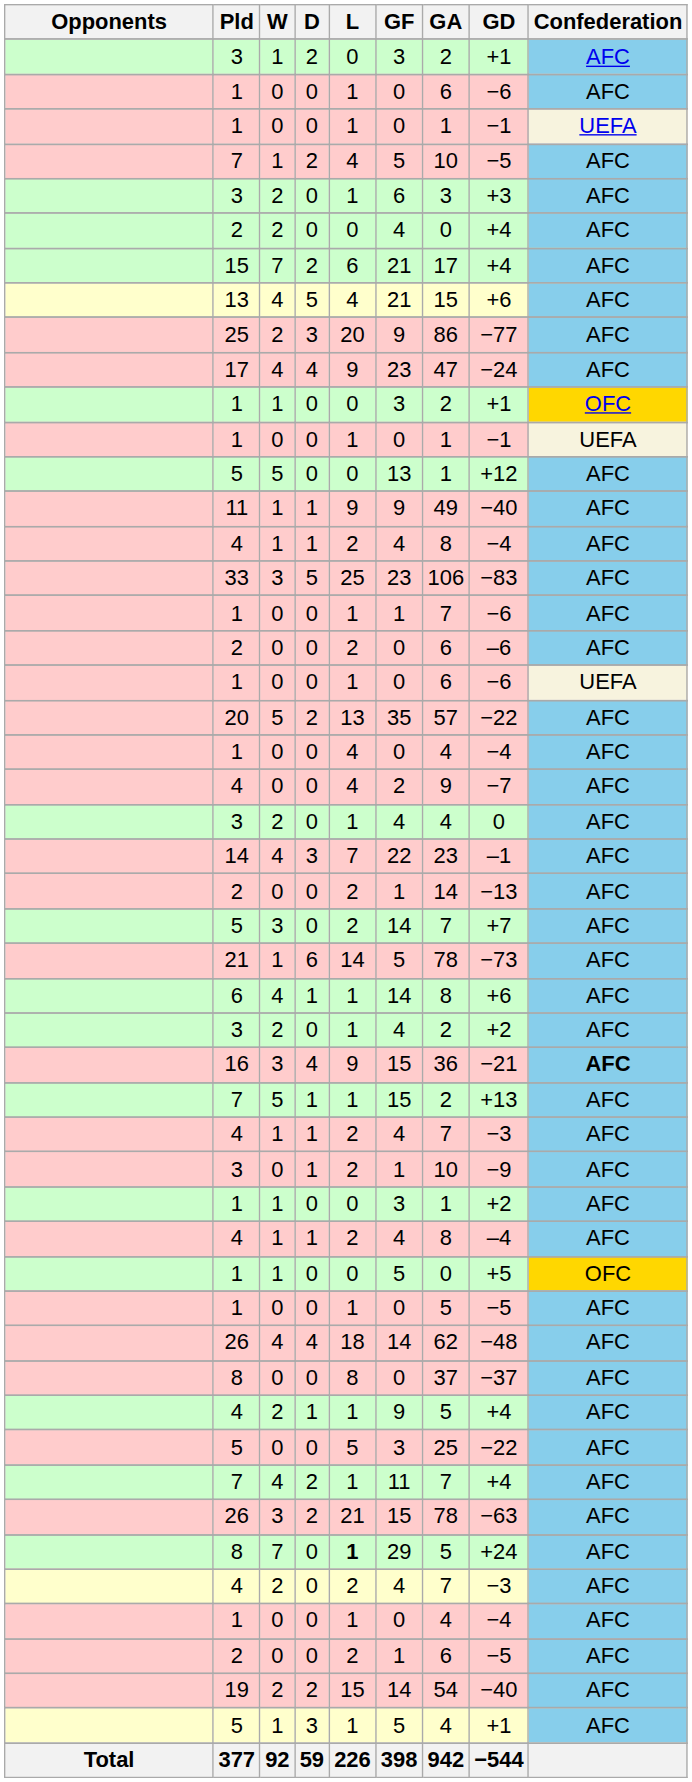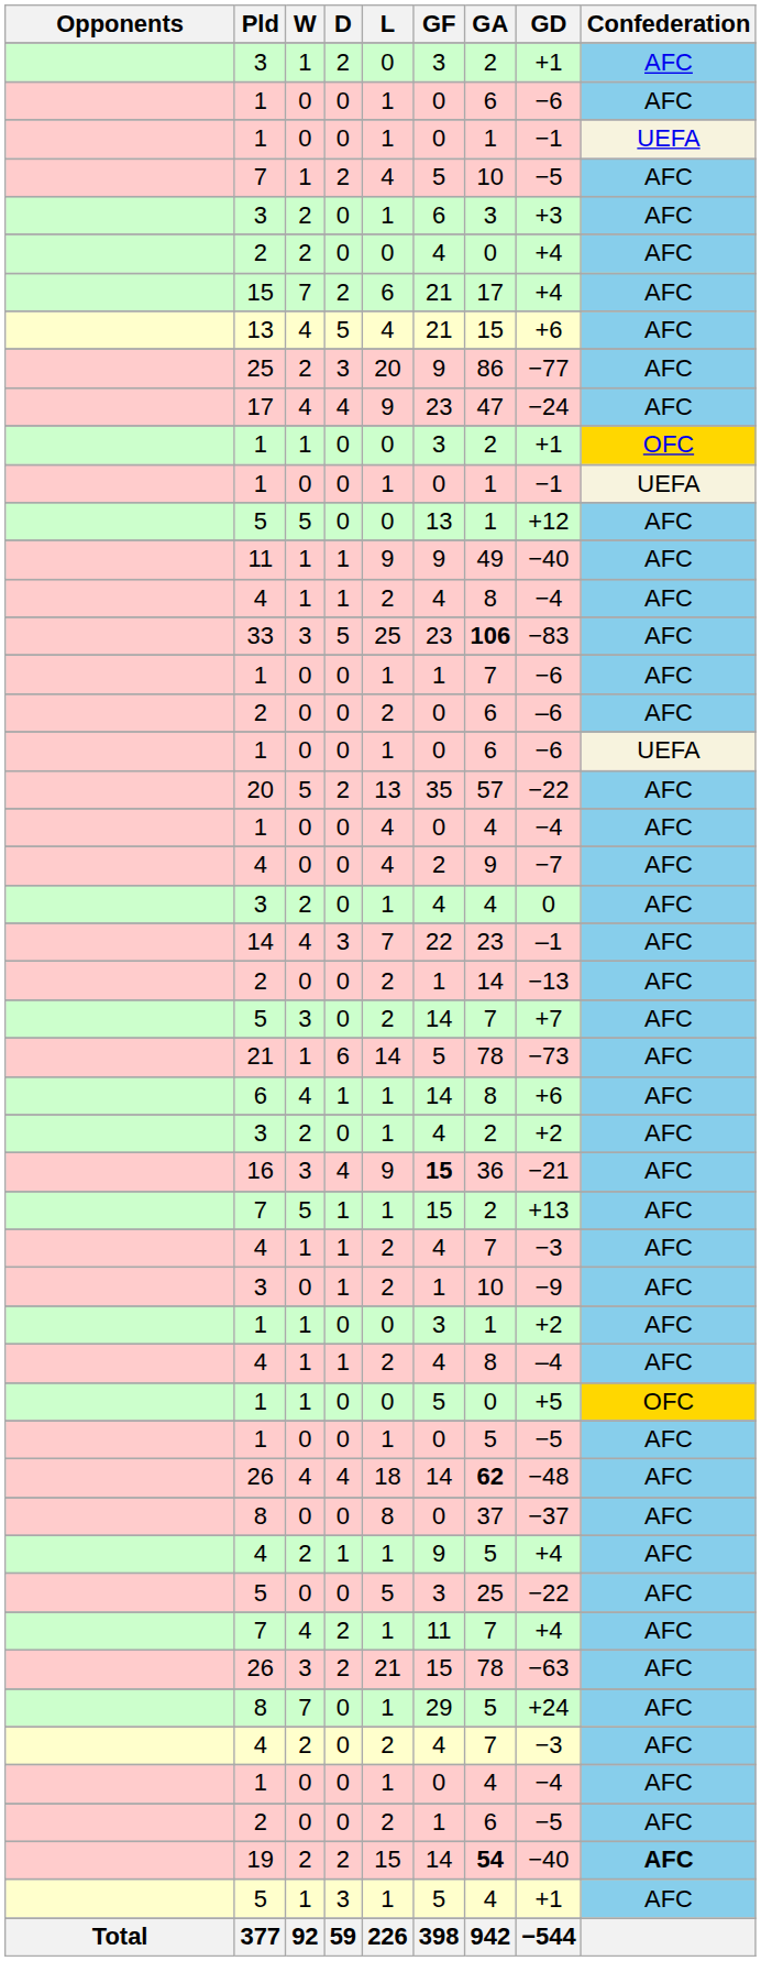 <table class="wikitable sortable" style="text-align: center; font-size: 100%">
 <tr style="color:black;">
 <th style="width:145px;">Opponents</th>
 <th style="width:1px;">Pld</th>
 <th style="width:1px;">W</th>
 <th style="width:1px;">D</th>
 <th style="width:1px;">L</th>
 <th style="width:1px;">GF</th>
 <th style="width:1px;">GA</th>
 <th style="width:1px;">GD</th>
 <th style="width:1px;">Confederation</th>
 </tr>
 <tr>
 </tr>
 <tr>
 </tr>
 <tr bgcolor=CCFFCC>
 <td style="text-align:left;"></td>
 <td>3</td>
 <td>1</td>
 <td>2</td>
 <td>0</td>
 <td>3</td>
 <td>2</td>
 <td>+1</td>
 <td bgcolor=#87CEEB><a href='#'>AFC</a></td>
 </tr>
 <tr>
 </tr>
 <tr bgcolor=FFCCCC>
 <td style="text-align:left;"></td>
 <td>1</td>
 <td>0</td>
 <td>0</td>
 <td>1</td>
 <td>0</td>
 <td>6</td>
 <td>−6</td>
 <td bgcolor=#87CEEB>AFC</td>
 </tr>
 <tr>
 </tr>
 <tr bgcolor=FFCCCC>
 <td style="text-align:left;"></td>
 <td>1</td>
 <td>0</td>
 <td>0</td>
 <td>1</td>
 <td>0</td>
 <td>1</td>
 <td>−1</td>
 <td bgcolor=#F7F3DE><a href='#'>UEFA</a></td>
 </tr>
 <tr>
 </tr>
 <tr bgcolor=FFCCCC>
 <td style="text-align:left;"></td>
 <td>7</td>
 <td>1</td>
 <td>2</td>
 <td>4</td>
 <td>5</td>
 <td>10</td>
 <td>−5</td>
 <td bgcolor=#87CEEB>AFC</td>
 </tr>
 <tr>
 </tr>
 <tr bgcolor=CCFFCC>
 <td style="text-align:left;"></td>
 <td>3</td>
 <td>2</td>
 <td>0</td>
 <td>1</td>
 <td>6</td>
 <td>3</td>
 <td>+3</td>
 <td bgcolor=#87CEEB>AFC</td>
 </tr>
 <tr>
 </tr>
 <tr bgcolor=CCFFCC>
 <td style="text-align:left;"></td>
 <td>2</td>
 <td>2</td>
 <td>0</td>
 <td>0</td>
 <td>4</td>
 <td>0</td>
 <td>+4</td>
 <td bgcolor=#87CEEB>AFC</td>
 </tr>
 <tr>
 </tr>
 <tr bgcolor=ccFFCC>
 <td style="text-align:left;"></td>
 <td>15</td>
 <td>7</td>
 <td>2</td>
 <td>6</td>
 <td>21</td>
 <td>17</td>
 <td>+4</td>
 <td bgcolor=#87CEEB>AFC</td>
 </tr>
 <tr>
 </tr>
 <tr bgcolor=FFFFCC>
 <td style="text-align:left;"></td>
 <td>13</td>
 <td>4</td>
 <td>5</td>
 <td>4</td>
 <td>21</td>
 <td>15</td>
 <td>+6</td>
 <td bgcolor="#87CEEB">AFC</td>
 </tr>
 <tr>
 </tr>
 <tr bgcolor=FFCCCC>
 <td style="text-align:left;"></td>
 <td>25</td>
 <td>2</td>
 <td>3</td>
 <td>20</td>
 <td>9</td>
 <td>86</td>
 <td>−77</td>
 <td bgcolor="#87CEEB">AFC</td>
 </tr>
 <tr>
 </tr>
 <tr bgcolor=FFCCCC>
 <td style="text-align:left;"></td>
 <td>17</td>
 <td>4</td>
 <td>4</td>
 <td>9</td>
 <td>23</td>
 <td>47</td>
 <td>−24</td>
 <td bgcolor="#87CEEB">AFC</td>
 </tr>
 <tr>
 </tr>
 <tr bgcolor=CCFFCC>
 <td style="text-align:left;"></td>
 <td>1</td>
 <td>1</td>
 <td>0</td>
 <td>0</td>
 <td>3</td>
 <td>2</td>
 <td>+1</td>
 <td bgcolor=#ffd700><a href='#'>OFC</a></td>
 </tr>
 <tr>
 </tr>
 <tr bgcolor=FFCCCC>
 <td style="text-align:left;"></td>
 <td>1</td>
 <td>0</td>
 <td>0</td>
 <td>1</td>
 <td>0</td>
 <td>1</td>
 <td>−1</td>
 <td bgcolor=#F7F3DE>UEFA</td>
 </tr>
 <tr>
 </tr>
 <tr bgcolor=CCFFCC>
 <td style="text-align:left;"></td>
 <td>5</td>
 <td>5</td>
 <td>0</td>
 <td>0</td>
 <td>13</td>
 <td>1</td>
 <td>+12</td>
 <td bgcolor="#87CEEB">AFC</td>
 </tr>
 <tr>
 </tr>
 <tr bgcolor=FFCCCC>
 <td style="text-align:left;"></td>
 <td>11</td>
 <td>1</td>
 <td>1</td>
 <td>9</td>
 <td>9</td>
 <td>49</td>
 <td>−40</td>
 <td bgcolor="#87CEEB">AFC</td>
 </tr>
 <tr>
 </tr>
 <tr bgcolor=FFCCCC>
 <td style="text-align:left;"></td>
 <td>4</td>
 <td>1</td>
 <td>1</td>
 <td>2</td>
 <td>4</td>
 <td>8</td>
 <td>−4</td>
 <td bgcolor=#87CEEB>AFC</td>
 </tr>
 <tr>
 </tr>
 <tr bgcolor=FFCCCC>
 <td style="text-align:left;"></td>
 <td>33</td>
 <td>3</td>
 <td>5</td>
 <td>25</td>
 <td>23</td>
-<td>106</td>
+<td><strong>106</strong></td>
 <td>−83</td>
 <td bgcolor="#87CEEB">AFC</td>
 </tr>
 <tr>
 </tr>
 <tr bgcolor=FFCCCC>
 <td style="text-align:left;"></td>
 <td>1</td>
 <td>0</td>
 <td>0</td>
 <td>1</td>
 <td>1</td>
 <td>7</td>
 <td>−6</td>
 <td bgcolor=#87CEEB>AFC</td>
 </tr>
 <tr>
 </tr>
 <tr bgcolor=FFCCCC>
 <td style="text-align:left;"></td>
 <td>2</td>
 <td>0</td>
 <td>0</td>
 <td>2</td>
 <td>0</td>
 <td>6</td>
 <td>–6</td>
 <td bgcolor=#87CEEB>AFC</td>
 </tr>
 <tr>
 </tr>
 <tr bgcolor=FFCCCC>
 <td style="text-align:left;"></td>
 <td>1</td>
 <td>0</td>
 <td>0</td>
 <td>1</td>
 <td>0</td>
 <td>6</td>
 <td>−6</td>
 <td bgcolor=#F7F3DE>UEFA</td>
 </tr>
 <tr>
 </tr>
 <tr bgcolor=FFCCCC>
 <td style="text-align:left;"></td>
 <td>20</td>
 <td>5</td>
 <td>2</td>
 <td>13</td>
 <td>35</td>
 <td>57</td>
 <td>−22</td>
 <td bgcolor="#87CEEB">AFC</td>
 </tr>
 <tr>
 </tr>
 <tr bgcolor=FFCCCC>
 <td style="text-align:left;"></td>
 <td>1</td>
 <td>0</td>
 <td>0</td>
 <td>4</td>
 <td>0</td>
 <td>4</td>
 <td>−4</td>
 <td bgcolor=#87CEEB>AFC</td>
 </tr>
 <tr>
 </tr>
 <tr bgcolor=FFCCCC>
 <td style="text-align:left;"></td>
 <td>4</td>
 <td>0</td>
 <td>0</td>
 <td>4</td>
 <td>2</td>
 <td>9</td>
 <td>−7</td>
 <td bgcolor=#87CEEB>AFC</td>
 </tr>
 <tr>
 </tr>
 <tr bgcolor=CCFFCC>
 <td style="text-align:left;"></td>
 <td>3</td>
 <td>2</td>
 <td>0</td>
 <td>1</td>
 <td>4</td>
 <td>4</td>
 <td>0</td>
 <td bgcolor=#87CEEB>AFC</td>
 </tr>
 <tr>
 </tr>
 <tr bgcolor=FFCCCC>
 <td style="text-align:left;"></td>
 <td>14</td>
 <td>4</td>
 <td>3</td>
 <td>7</td>
 <td>22</td>
 <td>23</td>
 <td>–1</td>
 <td bgcolor="#87CEEB">AFC</td>
 </tr>
 <tr>
 </tr>
 <tr bgcolor=FFCCCC>
 <td style="text-align:left;"></td>
 <td>2</td>
 <td>0</td>
 <td>0</td>
 <td>2</td>
 <td>1</td>
 <td>14</td>
 <td>−13</td>
 <td bgcolor=#87CEEB>AFC</td>
 </tr>
 <tr>
 </tr>
 <tr bgcolor=CCFFCC>
 <td style="text-align:left;"></td>
 <td>5</td>
 <td>3</td>
 <td>0</td>
 <td>2</td>
 <td>14</td>
 <td>7</td>
 <td>+7</td>
 <td bgcolor=#87CEEB>AFC</td>
 </tr>
 <tr>
 </tr>
 <tr bgcolor=FFCCCC>
 <td style="text-align:left;"></td>
 <td>21</td>
 <td>1</td>
 <td>6</td>
 <td>14</td>
 <td>5</td>
 <td>78</td>
 <td>−73</td>
 <td bgcolor=#87CEEB>AFC</td>
 </tr>
 <tr>
 </tr>
 <tr bgcolor=CCFFCC>
 <td style="text-align:left;"></td>
 <td>6</td>
 <td>4</td>
 <td>1</td>
 <td>1</td>
 <td>14</td>
 <td>8</td>
 <td>+6</td>
 <td bgcolor="#87CEEB">AFC</td>
 </tr>
 <tr>
 </tr>
 <tr bgcolor=CCFFCC>
 <td style="text-align:left;"></td>
 <td>3</td>
 <td>2</td>
 <td>0</td>
 <td>1</td>
 <td>4</td>
 <td>2</td>
 <td>+2</td>
 <td bgcolor=#87CEEB>AFC</td>
 </tr>
 <tr>
 </tr>
 <tr bgcolor=FFCCCC>
 <td style="text-align:left;"></td>
 <td>16</td>
 <td>3</td>
 <td>4</td>
 <td>9</td>
-<td>15</td>
+<td><strong>15</strong></td>
 <td>36</td>
 <td>−21</td>
-<td bgcolor=#87CEEB><strong>AFC</strong></td>
+<td bgcolor=#87CEEB>AFC</td>
 </tr>
 <tr>
 </tr>
 <tr bgcolor=CCFFCC>
 <td style="text-align:left;"></td>
 <td>7</td>
 <td>5</td>
 <td>1</td>
 <td>1</td>
 <td>15</td>
 <td>2</td>
 <td>+13</td>
 <td bgcolor="#87CEEB">AFC</td>
 </tr>
 <tr>
 </tr>
 <tr bgcolor=FFCCCC>
 <td style="text-align:left;"></td>
 <td>4</td>
 <td>1</td>
 <td>1</td>
 <td>2</td>
 <td>4</td>
 <td>7</td>
 <td>−3</td>
 <td bgcolor=#87CEEB>AFC</td>
 </tr>
 <tr>
 </tr>
 <tr bgcolor=FFCCCC>
 <td style="text-align:left;"></td>
 <td>3</td>
 <td>0</td>
 <td>1</td>
 <td>2</td>
 <td>1</td>
 <td>10</td>
 <td>−9</td>
 <td bgcolor=#87CEEB>AFC</td>
 </tr>
 <tr>
 </tr>
 <tr bgcolor=CCFFCC>
 <td style="text-align:left;"></td>
 <td>1</td>
 <td>1</td>
 <td>0</td>
 <td>0</td>
 <td>3</td>
 <td>1</td>
 <td>+2</td>
 <td bgcolor=#87CEEB>AFC</td>
 </tr>
 <tr>
 </tr>
 <tr bgcolor=FFCCCC>
 <td style="text-align:left;"></td>
 <td>4</td>
 <td>1</td>
 <td>1</td>
 <td>2</td>
 <td>4</td>
 <td>8</td>
 <td>–4</td>
 <td bgcolor=#87CEEB>AFC</td>
 </tr>
 <tr>
 </tr>
 <tr bgcolor=CCFFCC>
 <td style="text-align:left;"></td>
 <td>1</td>
 <td>1</td>
 <td>0</td>
 <td>0</td>
 <td>5</td>
 <td>0</td>
 <td>+5</td>
 <td bgcolor=#ffd700>OFC</td>
 </tr>
 <tr>
 </tr>
 <tr bgcolor=FFCCCC>
 <td style="text-align:left;"></td>
 <td>1</td>
 <td>0</td>
 <td>0</td>
 <td>1</td>
 <td>0</td>
 <td>5</td>
 <td>−5</td>
 <td bgcolor=#87CEEB>AFC</td>
 </tr>
 <tr>
 </tr>
 <tr bgcolor=FFCCCC>
 <td style="text-align:left;"></td>
 <td>26</td>
 <td>4</td>
 <td>4</td>
 <td>18</td>
 <td>14</td>
-<td>62</td>
+<td><strong>62</strong></td>
 <td>−48</td>
 <td bgcolor=#87CEEB>AFC</td>
 </tr>
 <tr>
 </tr>
 <tr bgcolor=FFCCCC>
 <td style="text-align:left;"></td>
 <td>8</td>
 <td>0</td>
 <td>0</td>
 <td>8</td>
 <td>0</td>
 <td>37</td>
 <td>−37</td>
 <td bgcolor=#87CEEB>AFC</td>
 </tr>
 <tr>
 </tr>
 <tr bgcolor=CCFFCC>
 <td style="text-align:left;"></td>
 <td>4</td>
 <td>2</td>
 <td>1</td>
 <td>1</td>
 <td>9</td>
 <td>5</td>
 <td>+4</td>
 <td bgcolor=#87CEEB>AFC</td>
 </tr>
 <tr>
 </tr>
 <tr bgcolor=FFCCCC>
 <td style="text-align:left;"></td>
 <td>5</td>
 <td>0</td>
 <td>0</td>
 <td>5</td>
 <td>3</td>
 <td>25</td>
 <td>−22</td>
 <td bgcolor=#87CEEB>AFC</td>
 </tr>
 <tr>
 </tr>
 <tr bgcolor=CCFFCC>
 <td style="text-align:left;"></td>
 <td>7</td>
 <td>4</td>
 <td>2</td>
 <td>1</td>
 <td>11</td>
 <td>7</td>
 <td>+4</td>
 <td bgcolor="#87CEEB">AFC</td>
 </tr>
 <tr>
 </tr>
 <tr bgcolor=FFCCCC>
 <td style="text-align:left;"></td>
 <td>26</td>
 <td>3</td>
 <td>2</td>
 <td>21</td>
 <td>15</td>
 <td>78</td>
 <td>−63</td>
 <td bgcolor="#87CEEB">AFC</td>
 </tr>
 <tr>
 </tr>
 <tr bgcolor=CCFFCC>
 <td style="text-align:left;"></td>
 <td>8</td>
 <td>7</td>
 <td>0</td>
-<td><strong>1</strong></td>
+<td>1</td>
 <td>29</td>
 <td>5</td>
 <td>+24</td>
 <td bgcolor="#87CEEB">AFC</td>
 </tr>
 <tr>
 </tr>
 <tr bgcolor=FFFFCC>
 <td style="text-align:left;"></td>
 <td>4</td>
 <td>2</td>
 <td>0</td>
 <td>2</td>
 <td>4</td>
 <td>7</td>
 <td>−3</td>
 <td bgcolor=#87CEEB>AFC</td>
 </tr>
 <tr>
 </tr>
 <tr bgcolor=FFCCCC>
 <td style="text-align:left;"></td>
 <td>1</td>
 <td>0</td>
 <td>0</td>
 <td>1</td>
 <td>0</td>
 <td>4</td>
 <td>−4</td>
 <td bgcolor=#87CEEB>AFC</td>
 </tr>
 <tr>
 </tr>
 <tr bgcolor=FFCCCC>
 <td style="text-align:left;"></td>
 <td>2</td>
 <td>0</td>
 <td>0</td>
 <td>2</td>
 <td>1</td>
 <td>6</td>
 <td>−5</td>
 <td bgcolor=#87CEEB>AFC</td>
 </tr>
 <tr>
 </tr>
 <tr bgcolor=FFCCCC>
 <td style="text-align:left;"></td>
 <td>19</td>
 <td>2</td>
 <td>2</td>
 <td>15</td>
 <td>14</td>
-<td>54</td>
+<td><strong>54</strong></td>
 <td>−40</td>
-<td bgcolor="#87CEEB">AFC</td>
+<td bgcolor="#87CEEB"><strong>AFC</strong></td>
 </tr>
 <tr>
 </tr>
 <tr bgcolor=FFFFCC>
 <td style="text-align:left;"></td>
 <td>5</td>
 <td>1</td>
 <td>3</td>
 <td>1</td>
 <td>5</td>
 <td>4</td>
 <td>+1</td>
 <td bgcolor=#87CEEB>AFC</td>
 </tr>
 <tr class="sortbottom">
 </tr>
 <tr>
 </tr>
 <tr style="color:black;">
 <th style="width:145px; background:#white;">Total</th>
 <th style="width:1px; background:#white;">377</th>
 <th style="width:1px; background:#white;">92</th>
 <th style="width:1px; background:#white;">59</th>
 <th style="width:1px; background:#white;">226</th>
 <th style="width:1px; background:#white;">398</th>
 <th style="width:1px; background:#white;">942</th>
 <th style="width:1px; background:#white;">−544</th>
 <th style="width:1px; background:#white;"></th>
 </tr>
 </table>
